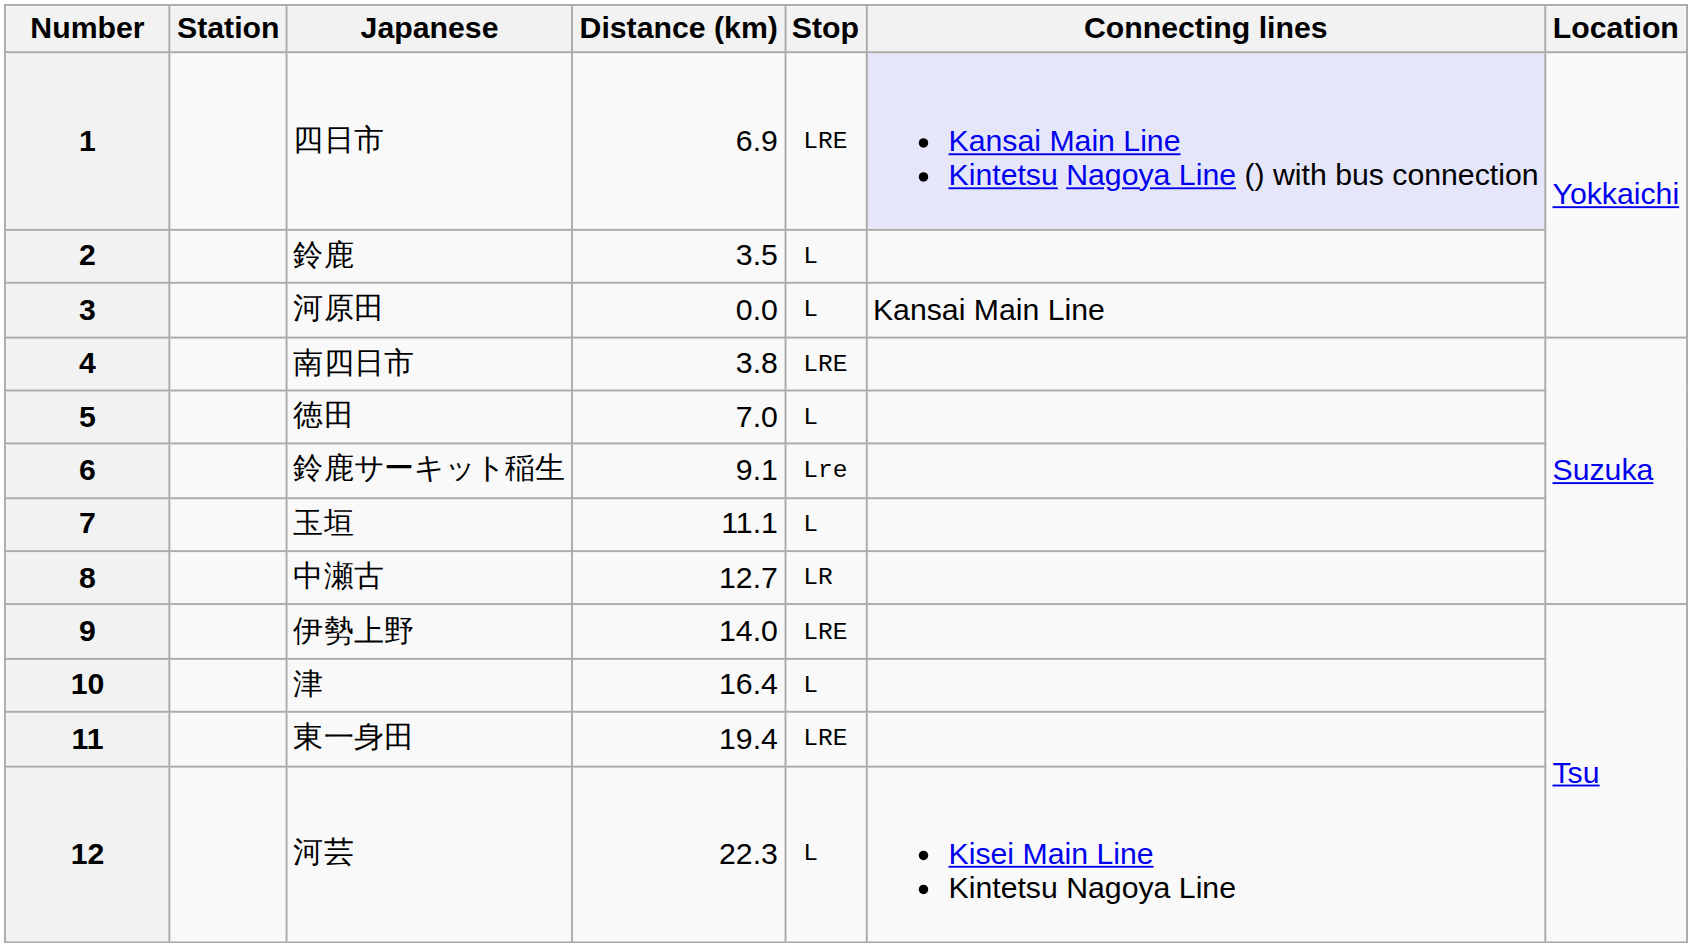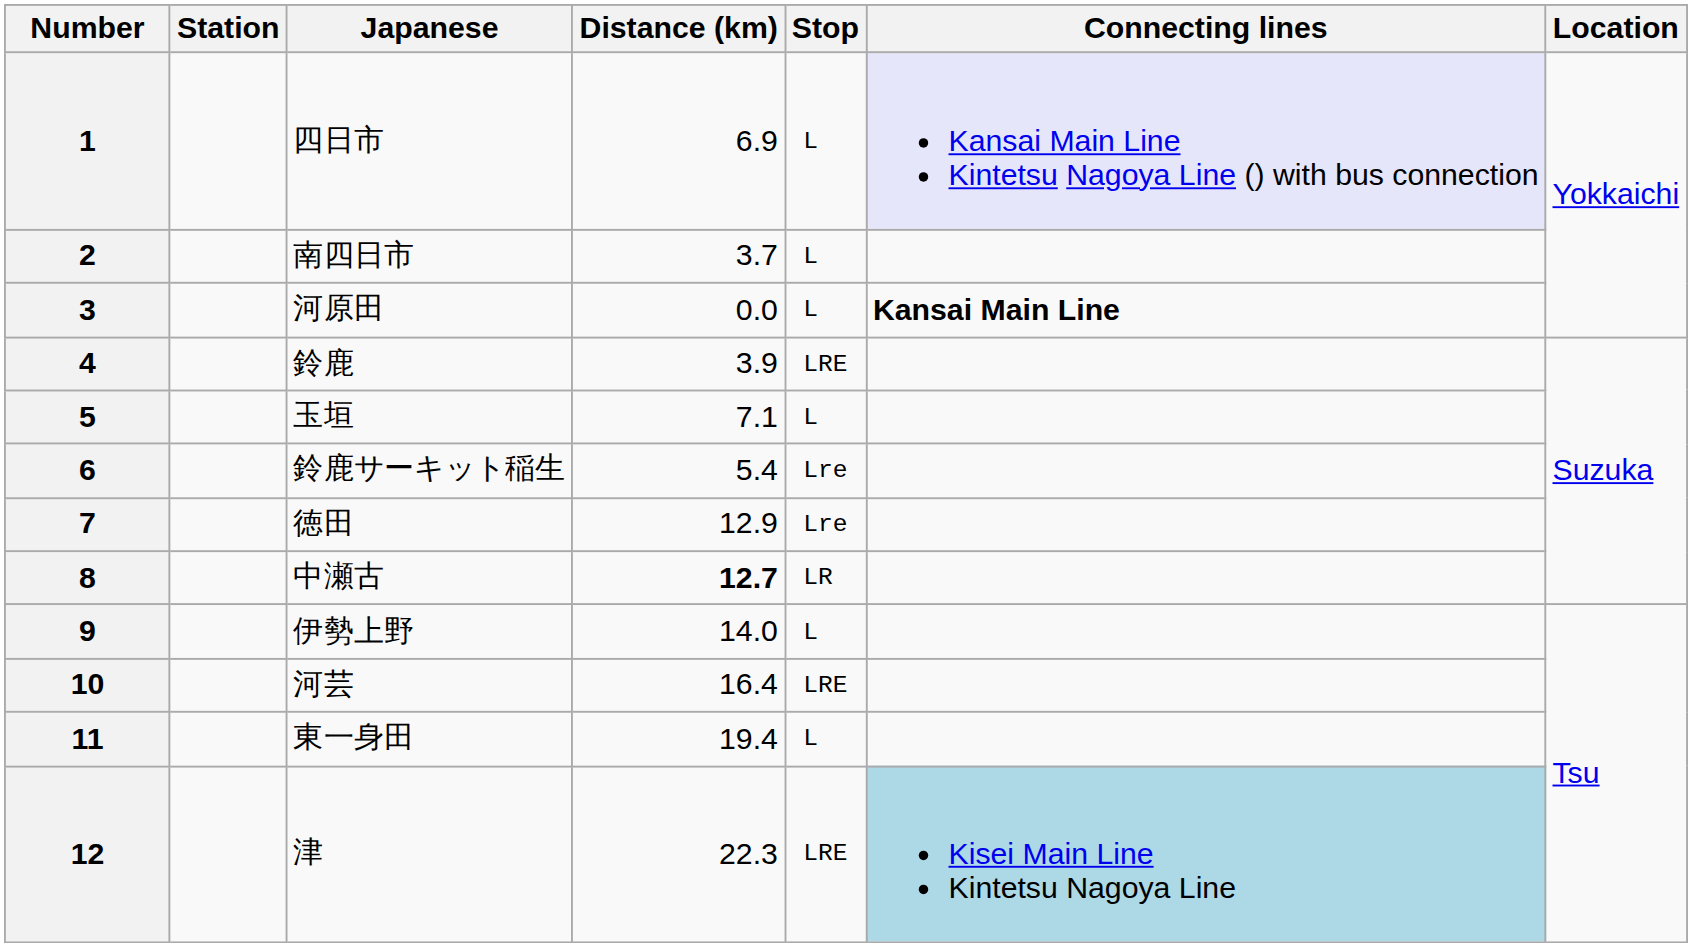 <table class="wikitable">
 <tr>
 <th>Number</th>
 <th>Station</th>
 <th>Japanese</th>
 <th>Distance (km)</th>
 <th>Stop</th>
 <th>Connecting lines</th>
 <th>Location</th>
 </tr>
 <tr>
 <th style="width:5em;">1</th>
 <td></td>
 <td>四日市</td>
 <td style="text-align:right;">6.9</td>
-<td style="text-align:center; font-family:monospace">LRE</td>
+<td style="text-align:center; font-family:monospace">L  </td>
 <td style="background: lavender;"><br><ul><li><a href='#'>Kansai Main Line</a></li><li><a href='#'>Kintetsu</a> <a href='#'>Nagoya Line</a> () with bus connection</li></ul></td>
 <td rowspan="3"><a href='#'>Yokkaichi</a></td>
 </tr>
 <tr>
 <th>2</th>
 <td></td>
-<td>鈴鹿</td>
-<td style="text-align:right;">3.5</td>
+<td>南四日市</td>
+<td style="text-align:right;">3.7</td>
 <td style="text-align:center; font-family:monospace">L  </td>
 <td> </td>
 </tr>
 <tr>
 <th>3</th>
 <td></td>
 <td>河原田</td>
 <td style="text-align:right;">0.0</td>
 <td style="text-align:center; font-family:monospace">L  </td>
-<td>Kansai Main Line</td>
+<td><strong>Kansai Main Line</strong></td>
 </tr>
 <tr>
 <th>4</th>
 <td></td>
-<td>南四日市</td>
-<td style="text-align:right;">3.8</td>
+<td>鈴鹿</td>
+<td style="text-align:right;">3.9</td>
 <td style="text-align:center; font-family:monospace">LRE</td>
 <td> </td>
 <td rowspan="5"><a href='#'>Suzuka</a></td>
 </tr>
 <tr>
 <th>5</th>
 <td></td>
-<td>徳田</td>
-<td style="text-align:right;">7.0</td>
+<td>玉垣</td>
+<td style="text-align:right;">7.1</td>
 <td style="text-align:center; font-family:monospace">L  </td>
 <td> </td>
 </tr>
 <tr>
 <th>6</th>
 <td></td>
 <td>鈴鹿サーキット稲生</td>
-<td style="text-align:right;">9.1</td>
+<td style="text-align:right;">5.4</td>
 <td style="text-align:center; font-family:monospace">Lre</td>
 <td> </td>
 </tr>
 <tr>
 <th>7</th>
 <td></td>
-<td>玉垣</td>
-<td style="text-align:right;">11.1</td>
-<td style="text-align:center; font-family:monospace">L  </td>
+<td>徳田</td>
+<td style="text-align:right;">12.9</td>
+<td style="text-align:center; font-family:monospace">Lre</td>
 <td> </td>
 </tr>
 <tr>
 <th>8</th>
 <td></td>
 <td>中瀬古</td>
-<td style="text-align:right;">12.7</td>
+<td style="text-align:right;"><strong>12.7</strong></td>
 <td style="text-align:center; font-family:monospace">LR </td>
 <td> </td>
 </tr>
 <tr>
 <th>9</th>
 <td></td>
 <td>伊勢上野</td>
 <td style="text-align:right;">14.0</td>
-<td style="text-align:center; font-family:monospace">LRE</td>
+<td style="text-align:center; font-family:monospace">L  </td>
 <td> </td>
 <td rowspan="4"><a href='#'>Tsu</a></td>
 </tr>
 <tr>
 <th>10</th>
 <td></td>
-<td>津</td>
+<td>河芸</td>
 <td style="text-align:right;">16.4</td>
-<td style="text-align:center; font-family:monospace">L  </td>
+<td style="text-align:center; font-family:monospace">LRE</td>
 <td> </td>
 </tr>
 <tr>
 <th>11</th>
 <td></td>
 <td>東一身田</td>
 <td style="text-align:right;">19.4</td>
-<td style="text-align:center; font-family:monospace">LRE</td>
+<td style="text-align:center; font-family:monospace">L  </td>
 <td> </td>
 </tr>
 <tr>
 <th>12</th>
 <td></td>
-<td>河芸</td>
+<td>津</td>
 <td style="text-align:right;">22.3</td>
-<td style="text-align:center; font-family:monospace">L  </td>
-<td><br><ul><li><a href='#'>Kisei Main Line</a></li><li>Kintetsu Nagoya Line</li></ul></td>
+<td style="text-align:center; font-family:monospace">LRE</td>
+<td style="background: lightblue;"><br><ul><li><a href='#'>Kisei Main Line</a></li><li>Kintetsu Nagoya Line</li></ul></td>
 </tr>
 </table>
